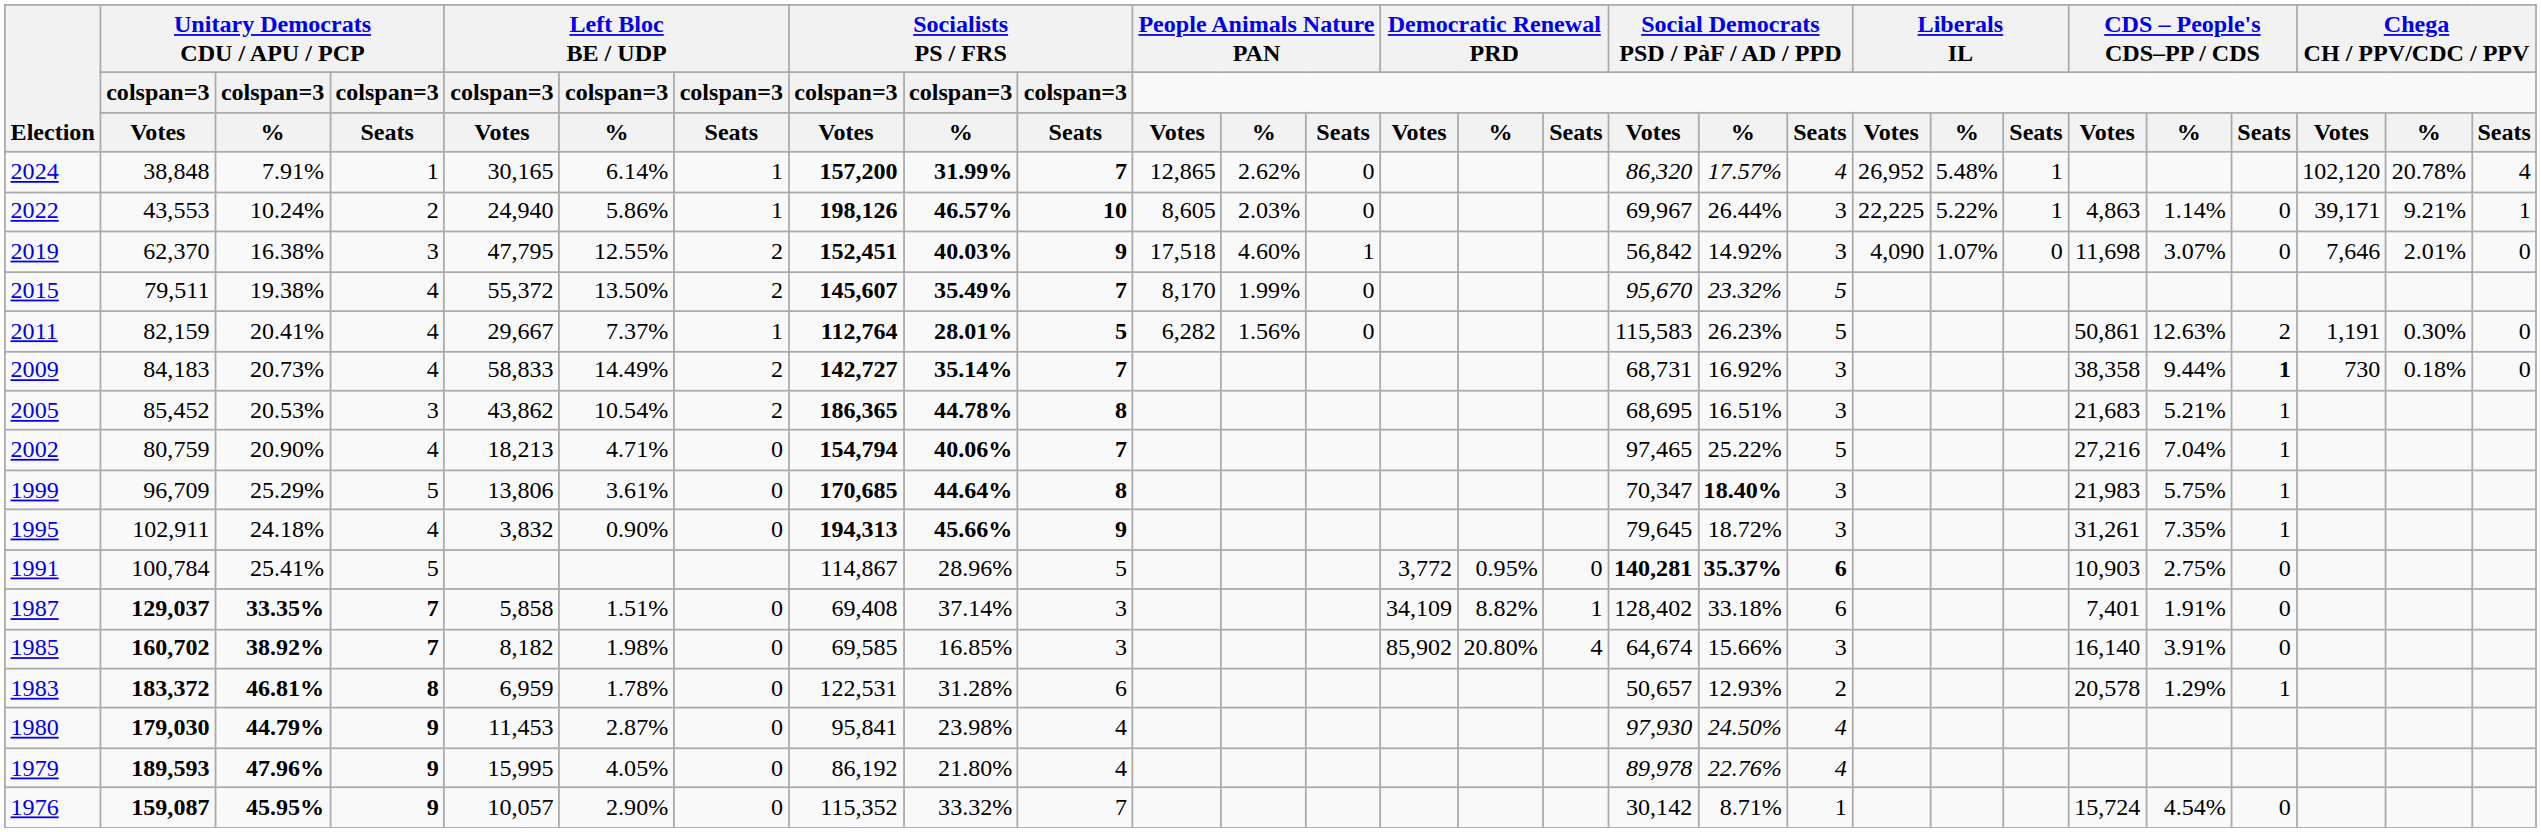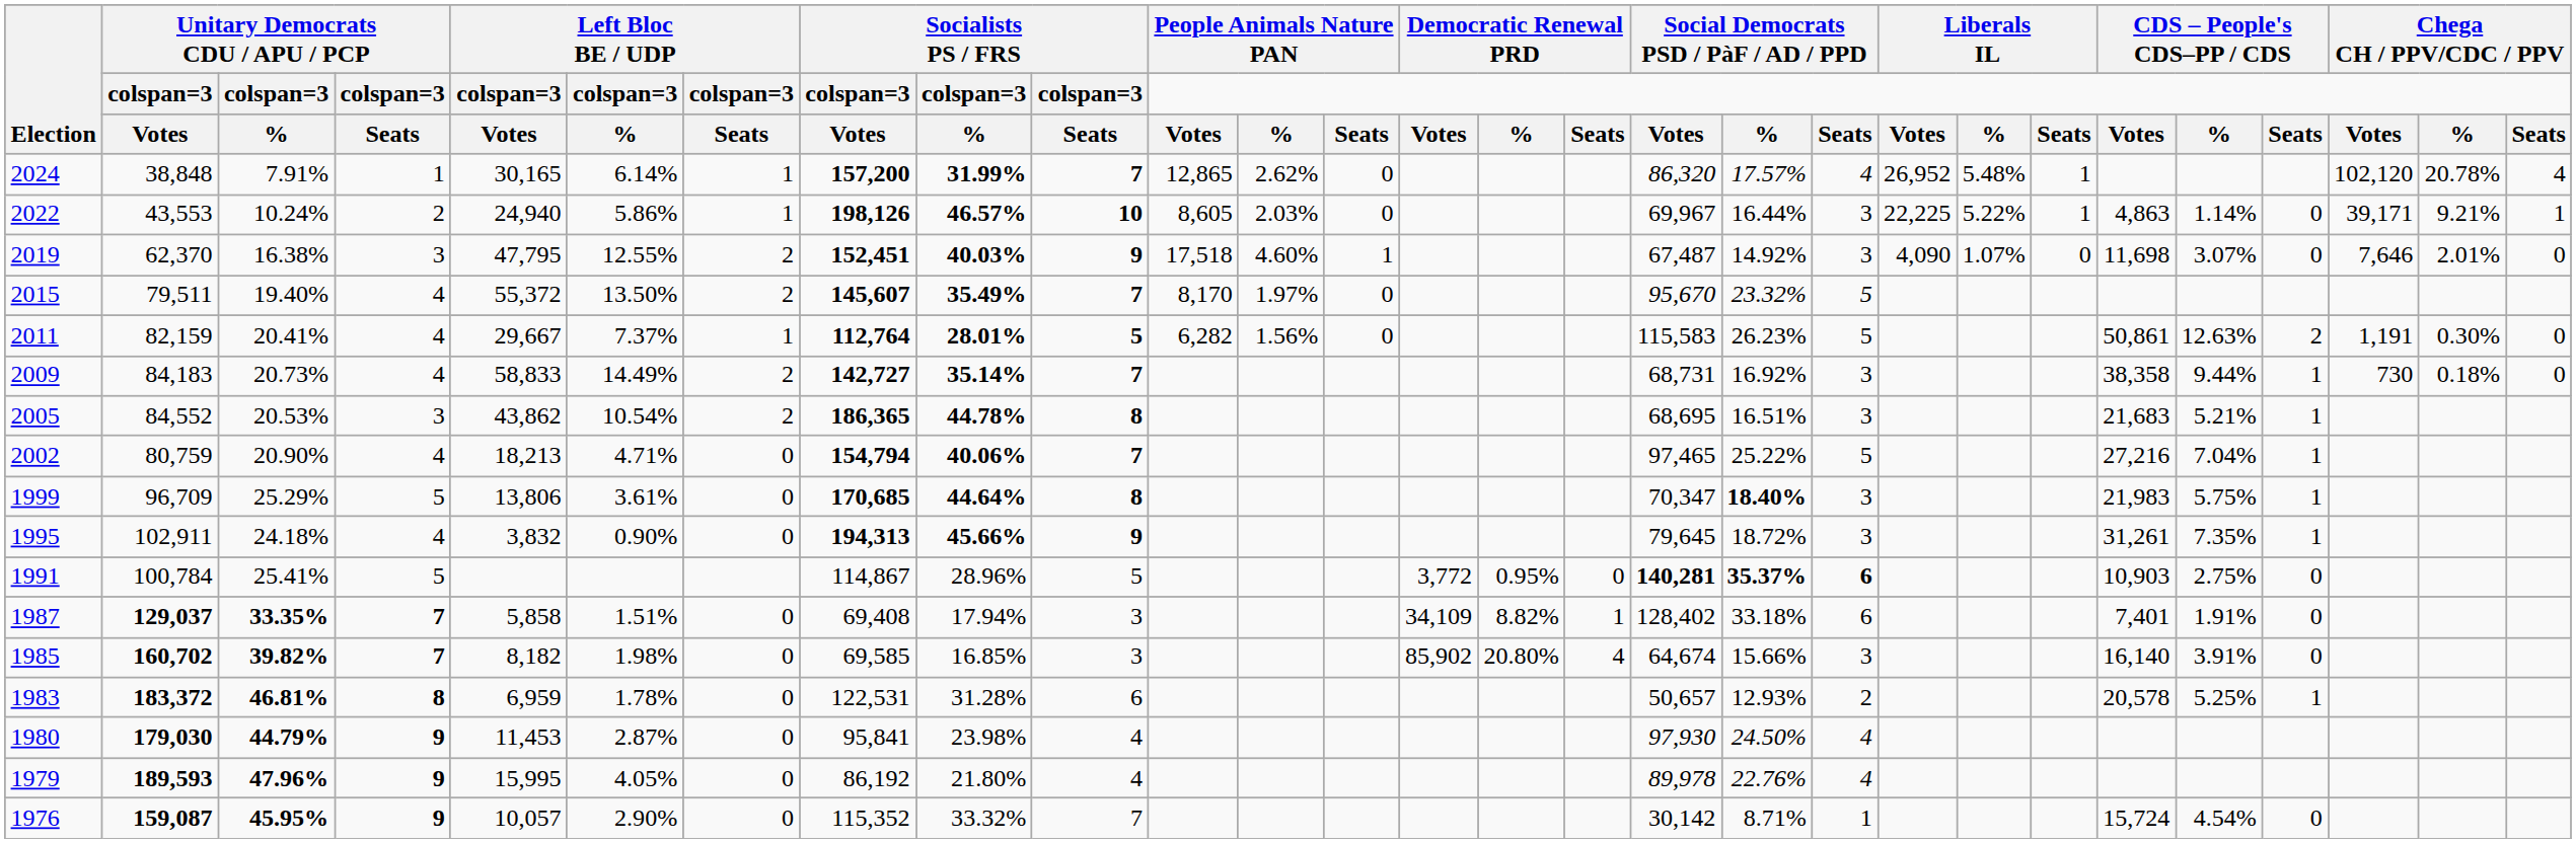 <table class="wikitable" border="1" style="font-size:85%; text-align:right;">
 <tr>
 <th style="text-align:left;" valign=bottom rowspan=3>Election</th>
 <th valign=bottom colspan=3><a href='#'>Unitary Democrats</a><br>CDU / APU / PCP</th>
 <th valign=bottom colspan=3><a href='#'>Left Bloc</a><br>BE / UDP</th>
 <th valign=bottom colspan=3><a href='#'>Socialists</a><br>PS / FRS</th>
 <th valign=bottom colspan=3><a href='#'>People Animals Nature</a><br>PAN</th>
 <th valign=bottom colspan=3><a href='#'>Democratic Renewal</a><br>PRD</th>
 <th valign=bottom colspan=3><a href='#'>Social Democrats</a><br>PSD / PàF / AD / PPD</th>
 <th valign=bottom colspan=3><a href='#'>Liberals</a><br>IL</th>
 <th valign=bottom colspan=3><a href='#'>CDS – People's</a><br>CDS–PP / CDS</th>
 <th valign=bottom colspan=3><a href='#'>Chega</a><br>CH / PPV/CDC / PPV</th>
 </tr>
 <tr>
 <th>colspan=3 </th>
 <th>colspan=3 </th>
 <th>colspan=3 </th>
 <th>colspan=3 </th>
 <th>colspan=3 </th>
 <th>colspan=3 </th>
 <th>colspan=3 </th>
 <th>colspan=3 </th>
 <th>colspan=3 </th>
 </tr>
 <tr>
 <th>Votes</th>
 <th>%</th>
 <th>Seats</th>
 <th>Votes</th>
 <th>%</th>
 <th>Seats</th>
 <th>Votes</th>
 <th>%</th>
 <th>Seats</th>
 <th>Votes</th>
 <th>%</th>
 <th>Seats</th>
 <th>Votes</th>
 <th>%</th>
 <th>Seats</th>
 <th>Votes</th>
 <th>%</th>
 <th>Seats</th>
 <th>Votes</th>
 <th>%</th>
 <th>Seats</th>
 <th>Votes</th>
 <th>%</th>
 <th>Seats</th>
 <th>Votes</th>
 <th>%</th>
 <th>Seats</th>
 </tr>
 <tr>
 <td align=left><a href='#'>2024</a></td>
 <td>38,848</td>
 <td>7.91%</td>
 <td>1</td>
 <td>30,165</td>
 <td>6.14%</td>
 <td>1</td>
 <td><strong>157,200</strong></td>
 <td><strong>31.99%</strong></td>
 <td><strong>7</strong></td>
 <td>12,865</td>
 <td>2.62%</td>
 <td>0</td>
 <td></td>
 <td></td>
 <td></td>
 <td><em>86,320</em></td>
 <td><em>17.57%</em></td>
 <td><em>4</em></td>
 <td>26,952</td>
 <td>5.48%</td>
 <td>1</td>
 <td></td>
 <td></td>
 <td></td>
 <td>102,120</td>
 <td>20.78%</td>
 <td>4</td>
 </tr>
 <tr>
 <td align=left><a href='#'>2022</a></td>
 <td>43,553</td>
 <td>10.24%</td>
 <td>2</td>
 <td>24,940</td>
 <td>5.86%</td>
 <td>1</td>
 <td><strong>198,126</strong></td>
 <td><strong>46.57%</strong></td>
 <td><strong>10</strong></td>
 <td>8,605</td>
 <td>2.03%</td>
 <td>0</td>
 <td></td>
 <td></td>
 <td></td>
 <td>69,967</td>
-<td>26.44%</td>
+<td>16.44%</td>
 <td>3</td>
 <td>22,225</td>
 <td>5.22%</td>
 <td>1</td>
 <td>4,863</td>
 <td>1.14%</td>
 <td>0</td>
 <td>39,171</td>
 <td>9.21%</td>
 <td>1</td>
 </tr>
 <tr>
 <td align=left><a href='#'>2019</a></td>
 <td>62,370</td>
 <td>16.38%</td>
 <td>3</td>
 <td>47,795</td>
 <td>12.55%</td>
 <td>2</td>
 <td><strong>152,451</strong></td>
 <td><strong>40.03%</strong></td>
 <td><strong>9</strong></td>
 <td>17,518</td>
 <td>4.60%</td>
 <td>1</td>
 <td></td>
 <td></td>
 <td></td>
-<td>56,842</td>
+<td>67,487</td>
 <td>14.92%</td>
 <td>3</td>
 <td>4,090</td>
 <td>1.07%</td>
 <td>0</td>
 <td>11,698</td>
 <td>3.07%</td>
 <td>0</td>
 <td>7,646</td>
 <td>2.01%</td>
 <td>0</td>
 </tr>
 <tr>
 <td align=left><a href='#'>2015</a></td>
 <td>79,511</td>
-<td>19.38%</td>
+<td>19.40%</td>
 <td>4</td>
 <td>55,372</td>
 <td>13.50%</td>
 <td>2</td>
 <td><strong>145,607</strong></td>
 <td><strong>35.49%</strong></td>
 <td><strong>7</strong></td>
 <td>8,170</td>
-<td>1.99%</td>
+<td>1.97%</td>
 <td>0</td>
 <td></td>
 <td></td>
 <td></td>
 <td><em>95,670</em></td>
 <td><em>23.32%</em></td>
 <td><em>5</em></td>
 <td></td>
 <td></td>
 <td></td>
 <td></td>
 <td></td>
 <td></td>
 <td></td>
 <td></td>
 <td></td>
 </tr>
 <tr>
 <td align=left><a href='#'>2011</a></td>
 <td>82,159</td>
 <td>20.41%</td>
 <td>4</td>
 <td>29,667</td>
 <td>7.37%</td>
 <td>1</td>
 <td><strong>112,764</strong></td>
 <td><strong>28.01%</strong></td>
 <td><strong>5</strong></td>
 <td>6,282</td>
 <td>1.56%</td>
 <td>0</td>
 <td></td>
 <td></td>
 <td></td>
 <td>115,583</td>
 <td>26.23%</td>
 <td>5</td>
 <td></td>
 <td></td>
 <td></td>
 <td>50,861</td>
 <td>12.63%</td>
 <td>2</td>
 <td>1,191</td>
 <td>0.30%</td>
 <td>0</td>
 </tr>
 <tr>
 <td align=left><a href='#'>2009</a></td>
 <td>84,183</td>
 <td>20.73%</td>
 <td>4</td>
 <td>58,833</td>
 <td>14.49%</td>
 <td>2</td>
 <td><strong>142,727</strong></td>
 <td><strong>35.14%</strong></td>
 <td><strong>7</strong></td>
 <td></td>
 <td></td>
 <td></td>
 <td></td>
 <td></td>
 <td></td>
 <td>68,731</td>
 <td>16.92%</td>
 <td>3</td>
 <td></td>
 <td></td>
 <td></td>
 <td>38,358</td>
 <td>9.44%</td>
-<td><strong>1</strong></td>
+<td>1</td>
 <td>730</td>
 <td>0.18%</td>
 <td>0</td>
 </tr>
 <tr>
 <td align=left><a href='#'>2005</a></td>
-<td>85,452</td>
+<td>84,552</td>
 <td>20.53%</td>
 <td>3</td>
 <td>43,862</td>
 <td>10.54%</td>
 <td>2</td>
 <td><strong>186,365</strong></td>
 <td><strong>44.78%</strong></td>
 <td><strong>8</strong></td>
 <td></td>
 <td></td>
 <td></td>
 <td></td>
 <td></td>
 <td></td>
 <td>68,695</td>
 <td>16.51%</td>
 <td>3</td>
 <td></td>
 <td></td>
 <td></td>
 <td>21,683</td>
 <td>5.21%</td>
 <td>1</td>
 <td></td>
 <td></td>
 <td></td>
 </tr>
 <tr>
 <td align=left><a href='#'>2002</a></td>
 <td>80,759</td>
 <td>20.90%</td>
 <td>4</td>
 <td>18,213</td>
 <td>4.71%</td>
 <td>0</td>
 <td><strong>154,794</strong></td>
 <td><strong>40.06%</strong></td>
 <td><strong>7</strong></td>
 <td></td>
 <td></td>
 <td></td>
 <td></td>
 <td></td>
 <td></td>
 <td>97,465</td>
 <td>25.22%</td>
 <td>5</td>
 <td></td>
 <td></td>
 <td></td>
 <td>27,216</td>
 <td>7.04%</td>
 <td>1</td>
 <td></td>
 <td></td>
 <td></td>
 </tr>
 <tr>
 <td align=left><a href='#'>1999</a></td>
 <td>96,709</td>
 <td>25.29%</td>
 <td>5</td>
 <td>13,806</td>
 <td>3.61%</td>
 <td>0</td>
 <td><strong>170,685</strong></td>
 <td><strong>44.64%</strong></td>
 <td><strong>8</strong></td>
 <td></td>
 <td></td>
 <td></td>
 <td></td>
 <td></td>
 <td></td>
 <td>70,347</td>
 <td><strong>18.40%</strong></td>
 <td>3</td>
 <td></td>
 <td></td>
 <td></td>
 <td>21,983</td>
 <td>5.75%</td>
 <td>1</td>
 <td></td>
 <td></td>
 <td></td>
 </tr>
 <tr>
 <td align=left><a href='#'>1995</a></td>
 <td>102,911</td>
 <td>24.18%</td>
 <td>4</td>
 <td>3,832</td>
 <td>0.90%</td>
 <td>0</td>
 <td><strong>194,313</strong></td>
 <td><strong>45.66%</strong></td>
 <td><strong>9</strong></td>
 <td></td>
 <td></td>
 <td></td>
 <td></td>
 <td></td>
 <td></td>
 <td>79,645</td>
 <td>18.72%</td>
 <td>3</td>
 <td></td>
 <td></td>
 <td></td>
 <td>31,261</td>
 <td>7.35%</td>
 <td>1</td>
 <td></td>
 <td></td>
 <td></td>
 </tr>
 <tr>
 <td align=left><a href='#'>1991</a></td>
 <td>100,784</td>
 <td>25.41%</td>
 <td>5</td>
 <td></td>
 <td></td>
 <td></td>
 <td>114,867</td>
 <td>28.96%</td>
 <td>5</td>
 <td></td>
 <td></td>
 <td></td>
 <td>3,772</td>
 <td>0.95%</td>
 <td>0</td>
 <td><strong>140,281</strong></td>
 <td><strong>35.37%</strong></td>
 <td><strong>6</strong></td>
 <td></td>
 <td></td>
 <td></td>
 <td>10,903</td>
 <td>2.75%</td>
 <td>0</td>
 <td></td>
 <td></td>
 <td></td>
 </tr>
 <tr>
 <td align=left><a href='#'>1987</a></td>
 <td><strong>129,037</strong></td>
 <td><strong>33.35%</strong></td>
 <td><strong>7</strong></td>
 <td>5,858</td>
 <td>1.51%</td>
 <td>0</td>
 <td>69,408</td>
-<td>37.14%</td>
+<td>17.94%</td>
 <td>3</td>
 <td></td>
 <td></td>
 <td></td>
 <td>34,109</td>
 <td>8.82%</td>
 <td>1</td>
 <td>128,402</td>
 <td>33.18%</td>
 <td>6</td>
 <td></td>
 <td></td>
 <td></td>
 <td>7,401</td>
 <td>1.91%</td>
 <td>0</td>
 <td></td>
 <td></td>
 <td></td>
 </tr>
 <tr>
 <td align=left><a href='#'>1985</a></td>
 <td><strong>160,702</strong></td>
-<td><strong>38.92%</strong></td>
+<td><strong>39.82%</strong></td>
 <td><strong>7</strong></td>
 <td>8,182</td>
 <td>1.98%</td>
 <td>0</td>
 <td>69,585</td>
 <td>16.85%</td>
 <td>3</td>
 <td></td>
 <td></td>
 <td></td>
 <td>85,902</td>
 <td>20.80%</td>
 <td>4</td>
 <td>64,674</td>
 <td>15.66%</td>
 <td>3</td>
 <td></td>
 <td></td>
 <td></td>
 <td>16,140</td>
 <td>3.91%</td>
 <td>0</td>
 <td></td>
 <td></td>
 <td></td>
 </tr>
 <tr>
 <td align=left><a href='#'>1983</a></td>
 <td><strong>183,372</strong></td>
 <td><strong>46.81%</strong></td>
 <td><strong>8</strong></td>
 <td>6,959</td>
 <td>1.78%</td>
 <td>0</td>
 <td>122,531</td>
 <td>31.28%</td>
 <td>6</td>
 <td></td>
 <td></td>
 <td></td>
 <td></td>
 <td></td>
 <td></td>
 <td>50,657</td>
 <td>12.93%</td>
 <td>2</td>
 <td></td>
 <td></td>
 <td></td>
 <td>20,578</td>
-<td>1.29%</td>
+<td>5.25%</td>
 <td>1</td>
 <td></td>
 <td></td>
 <td></td>
 </tr>
 <tr>
 <td align=left><a href='#'>1980</a></td>
 <td><strong>179,030</strong></td>
 <td><strong>44.79%</strong></td>
 <td><strong>9</strong></td>
 <td>11,453</td>
 <td>2.87%</td>
 <td>0</td>
 <td>95,841</td>
 <td>23.98%</td>
 <td>4</td>
 <td></td>
 <td></td>
 <td></td>
 <td></td>
 <td></td>
 <td></td>
 <td><em>97,930</em></td>
 <td><em>24.50%</em></td>
 <td><em>4</em></td>
 <td></td>
 <td></td>
 <td></td>
 <td></td>
 <td></td>
 <td></td>
 <td></td>
 <td></td>
 <td></td>
 </tr>
 <tr>
 <td align=left><a href='#'>1979</a></td>
 <td><strong>189,593</strong></td>
 <td><strong>47.96%</strong></td>
 <td><strong>9</strong></td>
 <td>15,995</td>
 <td>4.05%</td>
 <td>0</td>
 <td>86,192</td>
 <td>21.80%</td>
 <td>4</td>
 <td></td>
 <td></td>
 <td></td>
 <td></td>
 <td></td>
 <td></td>
 <td><em>89,978</em></td>
 <td><em>22.76%</em></td>
 <td><em>4</em></td>
 <td></td>
 <td></td>
 <td></td>
 <td></td>
 <td></td>
 <td></td>
 <td></td>
 <td></td>
 <td></td>
 </tr>
 <tr>
 <td align=left><a href='#'>1976</a></td>
 <td><strong>159,087</strong></td>
 <td><strong>45.95%</strong></td>
 <td><strong>9</strong></td>
 <td>10,057</td>
 <td>2.90%</td>
 <td>0</td>
 <td>115,352</td>
 <td>33.32%</td>
 <td>7</td>
 <td></td>
 <td></td>
 <td></td>
 <td></td>
 <td></td>
 <td></td>
 <td>30,142</td>
 <td>8.71%</td>
 <td>1</td>
 <td></td>
 <td></td>
 <td></td>
 <td>15,724</td>
 <td>4.54%</td>
 <td>0</td>
 <td></td>
 <td></td>
 <td></td>
 </tr>
 </table>
